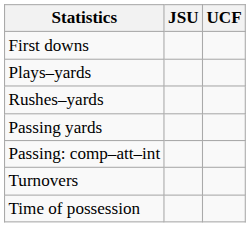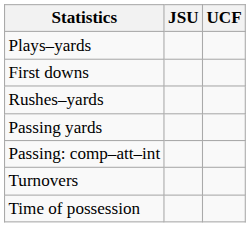 <table class="wikitable" style="float:left">
 <tr>
 <th>Statistics</th>
 <th>JSU</th>
 <th>UCF</th>
 </tr>
 <tr>
-<td>First downs</td>
+<td>Plays–yards</td>
 <td></td>
 <td></td>
 </tr>
 <tr>
-<td>Plays–yards</td>
+<td>First downs</td>
 <td></td>
 <td></td>
 </tr>
 <tr>
 <td>Rushes–yards</td>
 <td></td>
 <td></td>
 </tr>
 <tr>
 <td>Passing yards</td>
 <td></td>
 <td></td>
 </tr>
 <tr>
 <td>Passing: comp–att–int</td>
 <td></td>
 <td></td>
 </tr>
 <tr>
 <td>Turnovers</td>
 <td></td>
 <td></td>
 </tr>
 <tr>
 <td>Time of possession</td>
 <td></td>
 <td></td>
 </tr>
 </table>
